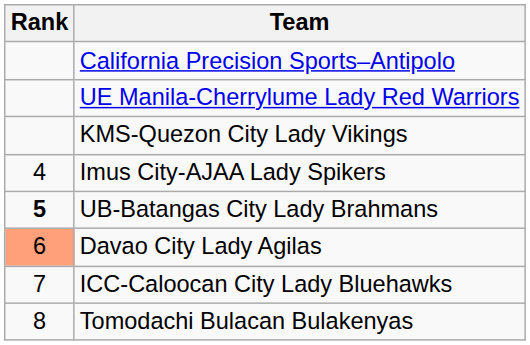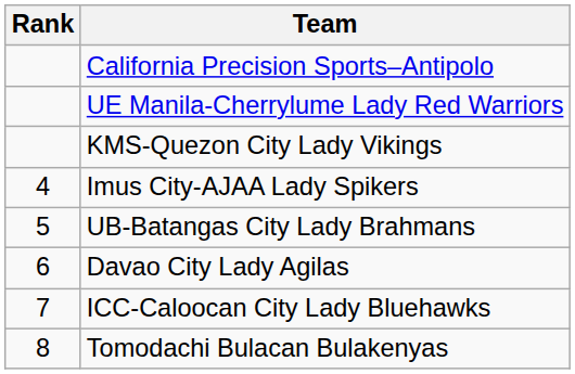 <table class="wikitable" style="text-align:center;">
 <tr>
 <th width=40>Rank</th>
 <th>Team</th>
 </tr>
 <tr>
 <td></td>
 <td style="text-align:left;"><a href='#'>California Precision Sports–Antipolo</a></td>
 </tr>
 <tr>
 <td></td>
 <td style="text-align:left;"><a href='#'>UE Manila-Cherrylume Lady Red Warriors</a></td>
 </tr>
 <tr>
 <td></td>
 <td style="text-align:left;">KMS-Quezon City Lady Vikings</td>
 </tr>
 <tr>
 <td>4</td>
 <td style="text-align:left;">Imus City-AJAA Lady Spikers</td>
 </tr>
 <tr>
-<td><strong>5</strong></td>
+<td>5</td>
 <td style="text-align:left;">UB-Batangas City Lady Brahmans</td>
 </tr>
 <tr>
-<td style="background: lightsalmon;">6</td>
+<td>6</td>
 <td style="text-align:left;">Davao City Lady Agilas</td>
 </tr>
 <tr>
 <td>7</td>
 <td style="text-align:left;">ICC-Caloocan City Lady Bluehawks</td>
 </tr>
 <tr>
 <td>8</td>
 <td style="text-align:left;">Tomodachi Bulacan Bulakenyas</td>
 </tr>
 </table>
